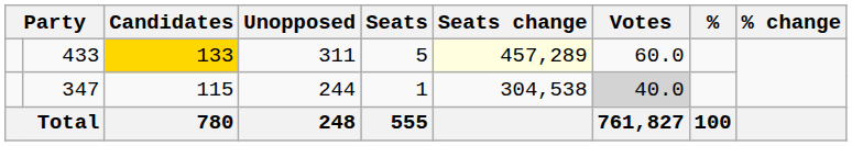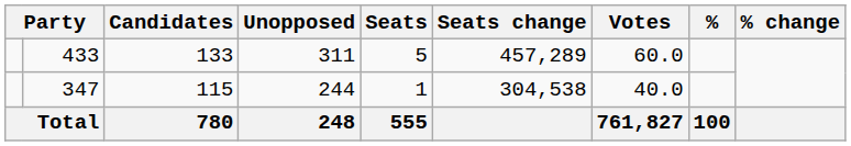 <table class="wikitable sortable">
 <tr>
 <th colspan=2>Party</th>
 <th>Candidates</th>
 <th>Unopposed</th>
 <th>Seats</th>
 <th>Seats change</th>
 <th>Votes</th>
 <th>%</th>
 <th>% change</th>
 </tr>
 <tr>
 <td></td>
 <td align=right>433</td>
-<td align=right style="background: gold;">133</td>
+<td align=right>133</td>
 <td align=right>311</td>
 <td align=right>5</td>
-<td align=right style="background: lightyellow;">457,289</td>
+<td align=right>457,289</td>
 <td align=right>60.0</td>
 <td align=right></td>
 </tr>
 <tr>
 <td></td>
 <td align=right>347</td>
 <td align=right>115</td>
 <td align=right>244</td>
 <td align=right>1</td>
 <td align=right>304,538</td>
-<td align=right style="background: lightgrey;">40.0</td>
+<td align=right>40.0</td>
 <td align=right></td>
 </tr>
 <tr class="sortbottom" style="font-weight: bold; text-align: right; background: #f2f2f2;">
 <th colspan="2" style="padding-left: 1.5em; text-align: left;">Total</th>
 <td align=right>780</td>
 <td align=right>248</td>
 <td align=right>555</td>
 <td align=right></td>
 <td align=right>761,827</td>
 <td align=right>100</td>
 <td align=right></td>
 </tr>
 </table>
